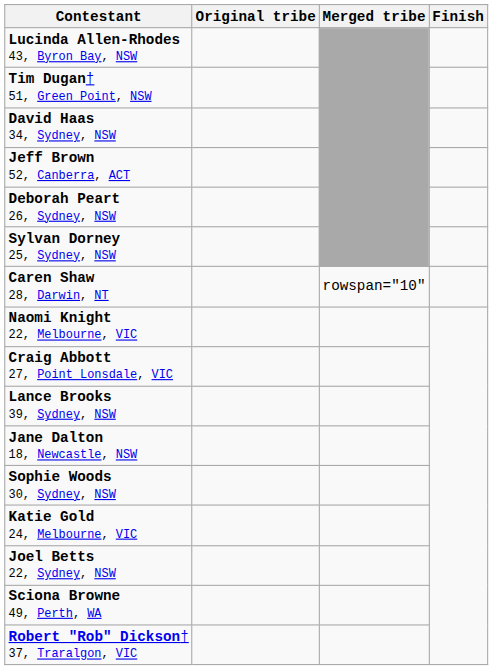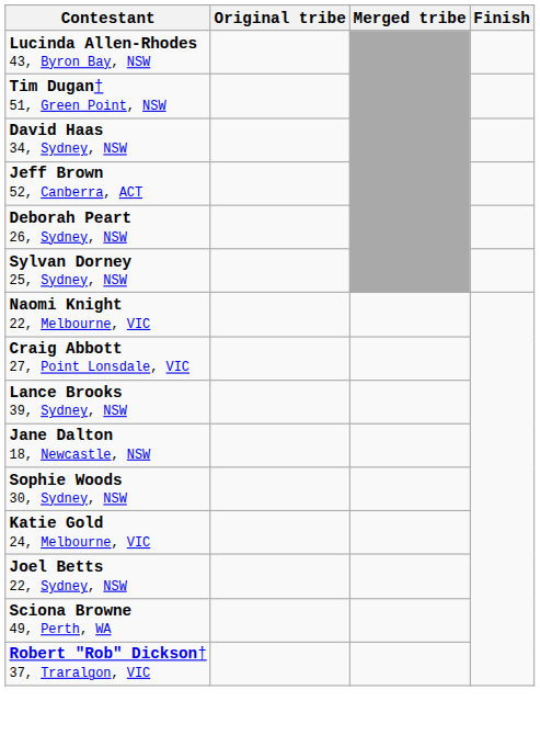 <table class="wikitable sortable nowrap" style="margin:auto; text-align:center">
 <tr |->
 <th>Contestant</th>
 <th>Original tribe</th>
 <th>Merged tribe</th>
 <th>Finish</th>
 </tr>
 <tr>
 <td align="left"><strong>Lucinda Allen-Rhodes</strong><br><small>43, <a href='#'>Byron Bay</a>, <a href='#'>NSW</a></small></td>
 <td></td>
 <td rowspan="6" style="background:darkgrey;"></td>
 <td></td>
 </tr>
 <tr>
 <td align="left"><strong>Tim Dugan</strong><a href='#'>†</a><br><small>51, <a href='#'>Green Point</a>, <a href='#'>NSW</a></small></td>
 <td></td>
 <td></td>
 </tr>
 <tr>
 <td align="left"><strong>David Haas</strong><br><small>34, <a href='#'>Sydney</a>, <a href='#'>NSW</a></small></td>
 <td></td>
 <td></td>
 </tr>
 <tr>
 <td align="left"><strong>Jeff Brown</strong><br><small>52, <a href='#'>Canberra</a>, <a href='#'>ACT</a></small></td>
 <td></td>
 <td></td>
 </tr>
 <tr>
 <td align="left"><strong>Deborah Peart</strong><br><small>26, <a href='#'>Sydney</a>, <a href='#'>NSW</a></small></td>
 <td></td>
 <td></td>
 </tr>
 <tr>
 <td align="left"><strong>Sylvan Dorney</strong><br><small>25, <a href='#'>Sydney</a>, <a href='#'>NSW</a></small></td>
 <td></td>
-<td></td>
-</tr>
-<tr>
-<td align="left"><strong>Caren Shaw</strong><br><small>28, <a href='#'>Darwin</a>, <a href='#'>NT</a></small></td>
-<td></td>
-<td>rowspan="10" </td>
 <td></td>
 </tr>
 <tr>
 <td align="left"><strong>Naomi Knight</strong><br><small>22, <a href='#'>Melbourne</a>, <a href='#'>VIC</a></small></td>
 <td></td>
 <td></td>
 </tr>
 <tr>
 <td align="left"><strong>Craig Abbott</strong><br><small>27, <a href='#'>Point Lonsdale</a>, <a href='#'>VIC</a></small></td>
 <td></td>
 <td></td>
 </tr>
 <tr>
 <td align="left"><strong>Lance Brooks</strong><br><small>39, <a href='#'>Sydney</a>, <a href='#'>NSW</a> </small></td>
 <td></td>
 <td></td>
 </tr>
 <tr>
 <td align="left"><strong>Jane Dalton</strong><br><small>18, <a href='#'>Newcastle</a>, <a href='#'>NSW</a></small></td>
 <td></td>
 <td></td>
 </tr>
 <tr>
 <td align="left"><strong>Sophie Woods</strong><br><small>30, <a href='#'>Sydney</a>, <a href='#'>NSW</a></small></td>
 <td></td>
 <td></td>
 </tr>
 <tr>
 <td align="left"><strong>Katie Gold</strong><br><small>24, <a href='#'>Melbourne</a>, <a href='#'>VIC</a></small></td>
 <td></td>
 <td></td>
 </tr>
 <tr>
 <td align="left"><strong>Joel Betts</strong><br><small>22, <a href='#'>Sydney</a>, <a href='#'>NSW</a></small></td>
 <td></td>
 <td></td>
 </tr>
 <tr>
 <td align="left"><strong>Sciona Browne</strong><br><small>49, <a href='#'>Perth</a>, <a href='#'>WA</a></small></td>
 <td></td>
 <td></td>
 </tr>
 <tr>
 <td align="left"><strong><a href='#'>Robert "Rob" Dickson</a></strong><a href='#'>†</a><br><small>37, <a href='#'>Traralgon</a>, <a href='#'>VIC</a></small></td>
 <td></td>
 <td></td>
 </tr>
 </table>
